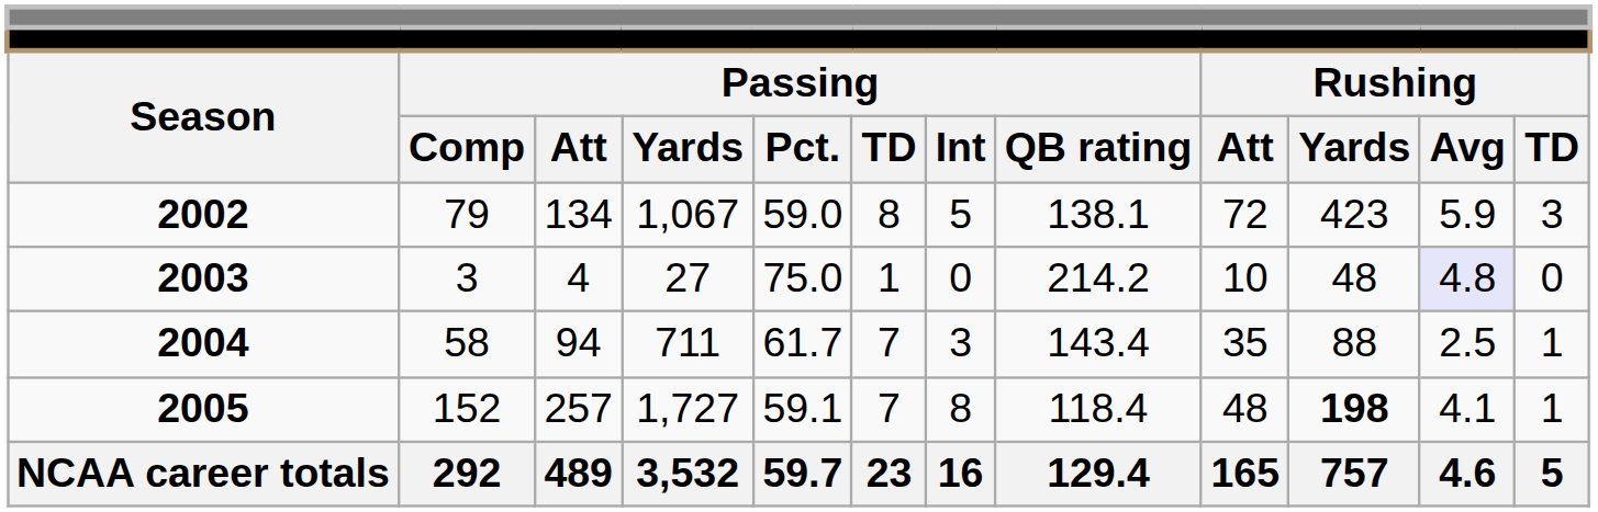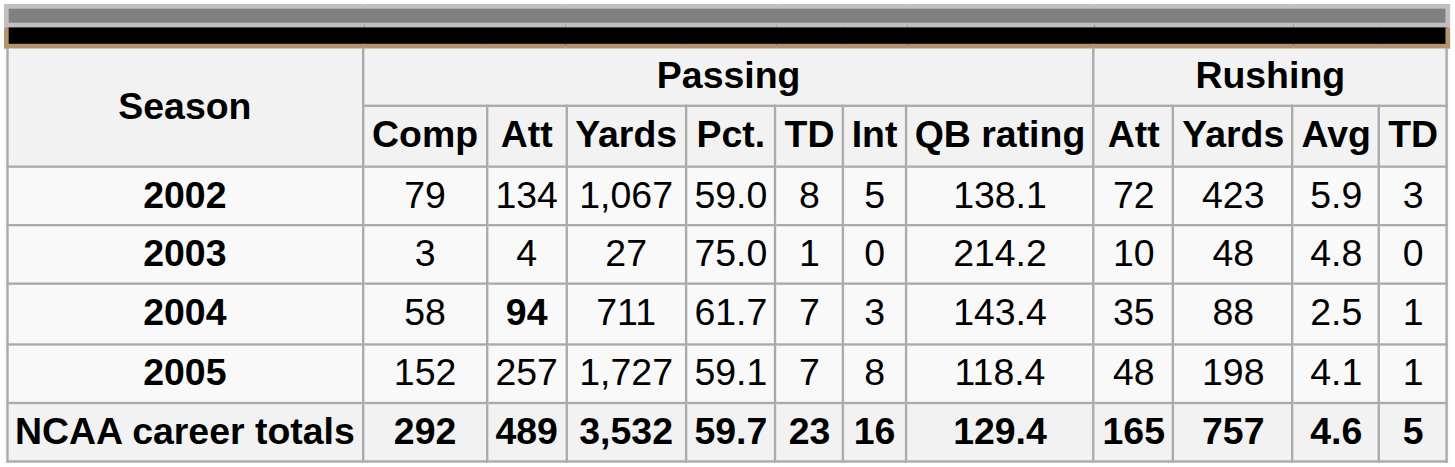 <table class=wikitable style="text-align:center;">
 <tr>
 <td ! colspan="12" style="background:gray; border:2px solid silver; color:white;"></td>
 </tr>
 <tr>
 <td ! colspan="12" style="background: #000000; border: 2px solid #B1946C; color:#B1946C;"></td>
 </tr>
 <tr>
 <th rowspan=2>Season</th>
 <th colspan=7>Passing</th>
 <th colspan=4>Rushing</th>
 </tr>
 <tr>
 <th>Comp</th>
 <th>Att</th>
 <th>Yards</th>
 <th>Pct.</th>
 <th>TD</th>
 <th>Int</th>
 <th>QB rating</th>
 <th>Att</th>
 <th>Yards</th>
 <th>Avg</th>
 <th>TD</th>
 </tr>
 <tr>
 <td><strong>2002</strong></td>
 <td>79</td>
 <td>134</td>
 <td>1,067</td>
 <td>59.0</td>
 <td>8</td>
 <td>5</td>
 <td>138.1</td>
 <td>72</td>
 <td>423</td>
 <td>5.9</td>
 <td>3</td>
 </tr>
 <tr>
 <td><strong>2003</strong></td>
 <td>3</td>
 <td>4</td>
 <td>27</td>
 <td>75.0</td>
 <td>1</td>
 <td>0</td>
 <td>214.2</td>
 <td>10</td>
 <td>48</td>
-<td style="background: lavender;">4.8</td>
+<td>4.8</td>
 <td>0</td>
 </tr>
 <tr>
 <td><strong>2004</strong></td>
 <td>58</td>
-<td>94</td>
+<td><strong>94</strong></td>
 <td>711</td>
 <td>61.7</td>
 <td>7</td>
 <td>3</td>
 <td>143.4</td>
 <td>35</td>
 <td>88</td>
 <td>2.5</td>
 <td>1</td>
 </tr>
 <tr>
 <td><strong>2005</strong></td>
 <td>152</td>
 <td>257</td>
 <td>1,727</td>
 <td>59.1</td>
 <td>7</td>
 <td>8</td>
 <td>118.4</td>
 <td>48</td>
-<td><strong>198</strong></td>
+<td>198</td>
 <td>4.1</td>
 <td>1</td>
 </tr>
 <tr>
 <th>NCAA career totals</th>
 <th>292</th>
 <th>489</th>
 <th>3,532</th>
 <th>59.7</th>
 <th>23</th>
 <th>16</th>
 <th>129.4</th>
 <th>165</th>
 <th>757</th>
 <th>4.6</th>
 <th>5</th>
 </tr>
 </table>
